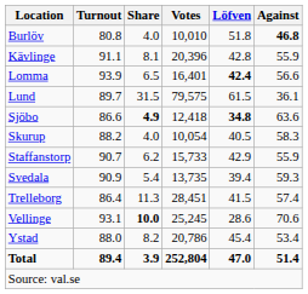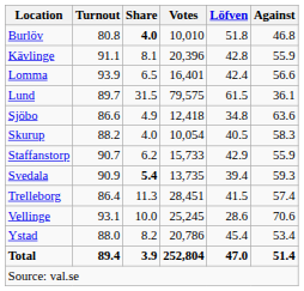 <table class="wikitable sortable" style=text-align:right>
 <tr>
 <th>Location</th>
 <th>Turnout</th>
 <th>Share</th>
 <th>Votes</th>
 <th><a href='#'>Löfven</a></th>
 <th>Against</th>
 </tr>
 <tr>
 <td align=left><a href='#'>Burlöv</a></td>
 <td>80.8</td>
-<td>4.0</td>
+<td><strong>4.0</strong></td>
 <td>10,010</td>
 <td>51.8</td>
-<td><strong>46.8</strong></td>
+<td>46.8</td>
 </tr>
 <tr>
 <td align=left><a href='#'>Kävlinge</a></td>
 <td>91.1</td>
 <td>8.1</td>
 <td>20,396</td>
 <td>42.8</td>
 <td>55.9</td>
 </tr>
 <tr>
 <td align=left><a href='#'>Lomma</a></td>
 <td>93.9</td>
 <td>6.5</td>
 <td>16,401</td>
-<td><strong>42.4</strong></td>
+<td>42.4</td>
 <td>56.6</td>
 </tr>
 <tr>
 <td align=left><a href='#'>Lund</a></td>
 <td>89.7</td>
 <td>31.5</td>
 <td>79,575</td>
 <td>61.5</td>
 <td>36.1</td>
 </tr>
 <tr>
 <td align=left><a href='#'>Sjöbo</a></td>
 <td>86.6</td>
-<td><strong>4.9</strong></td>
+<td>4.9</td>
 <td>12,418</td>
-<td><strong>34.8</strong></td>
+<td>34.8</td>
 <td>63.6</td>
 </tr>
 <tr>
 <td align=left><a href='#'>Skurup</a></td>
 <td>88.2</td>
 <td>4.0</td>
 <td>10,054</td>
 <td>40.5</td>
 <td>58.3</td>
 </tr>
 <tr>
 <td align=left><a href='#'>Staffanstorp</a></td>
 <td>90.7</td>
 <td>6.2</td>
 <td>15,733</td>
 <td>42.9</td>
 <td>55.9</td>
 </tr>
 <tr>
 <td align=left><a href='#'>Svedala</a></td>
 <td>90.9</td>
-<td>5.4</td>
+<td><strong>5.4</strong></td>
 <td>13,735</td>
 <td>39.4</td>
 <td>59.3</td>
 </tr>
 <tr>
 <td align=left><a href='#'>Trelleborg</a></td>
 <td>86.4</td>
 <td>11.3</td>
 <td>28,451</td>
 <td>41.5</td>
 <td>57.4</td>
 </tr>
 <tr>
 <td align=left><a href='#'>Vellinge</a></td>
 <td>93.1</td>
-<td><strong>10.0</strong></td>
+<td>10.0</td>
 <td>25,245</td>
 <td>28.6</td>
 <td>70.6</td>
 </tr>
 <tr>
 <td align=left><a href='#'>Ystad</a></td>
 <td>88.0</td>
 <td>8.2</td>
 <td>20,786</td>
 <td>45.4</td>
 <td>53.4</td>
 </tr>
 <tr>
 <td align=left><strong>Total</strong></td>
 <td><strong>89.4</strong></td>
 <td><strong>3.9</strong></td>
 <td><strong>252,804</strong></td>
 <td><strong>47.0</strong></td>
 <td><strong>51.4</strong></td>
 </tr>
 <tr>
 <td align=left colspan=6>Source: val.se</td>
 </tr>
 </table>
